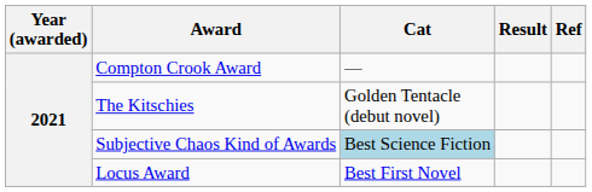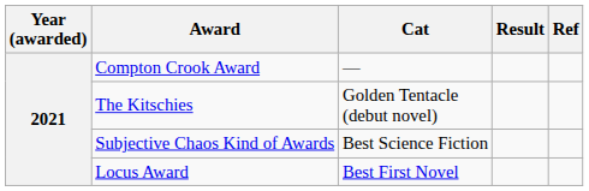 <table class="wikitable">
 <tr>
 <th>Year <br>(awarded)</th>
 <th>Award</th>
 <th>Cat</th>
 <th>Result</th>
 <th>Ref</th>
 </tr>
 <tr>
 <th rowspan="4">2021</th>
 <td><a href='#'>Compton Crook Award</a></td>
 <td>—</td>
 <td></td>
 <td></td>
 </tr>
 <tr>
 <td><a href='#'>The Kitschies</a></td>
 <td>Golden Tentacle <br>(debut novel)</td>
 <td></td>
 <td></td>
 </tr>
 <tr>
 <td><a href='#'>Subjective Chaos Kind of Awards</a></td>
-<td style="background: lightblue;">Best Science Fiction</td>
+<td>Best Science Fiction</td>
 <td></td>
 <td></td>
 </tr>
 <tr>
 <td><a href='#'>Locus Award</a></td>
 <td><a href='#'>Best First Novel</a></td>
 <td></td>
 <td></td>
 </tr>
 </table>
